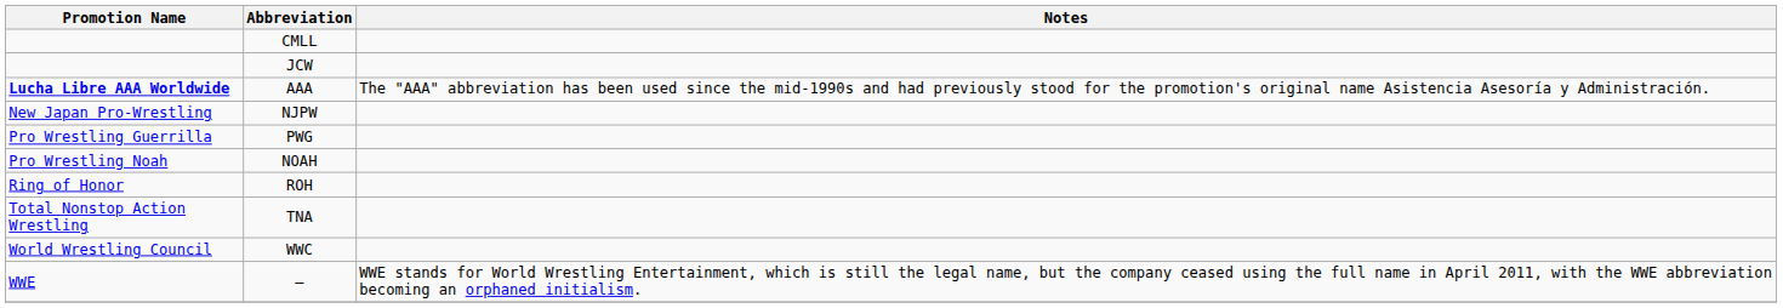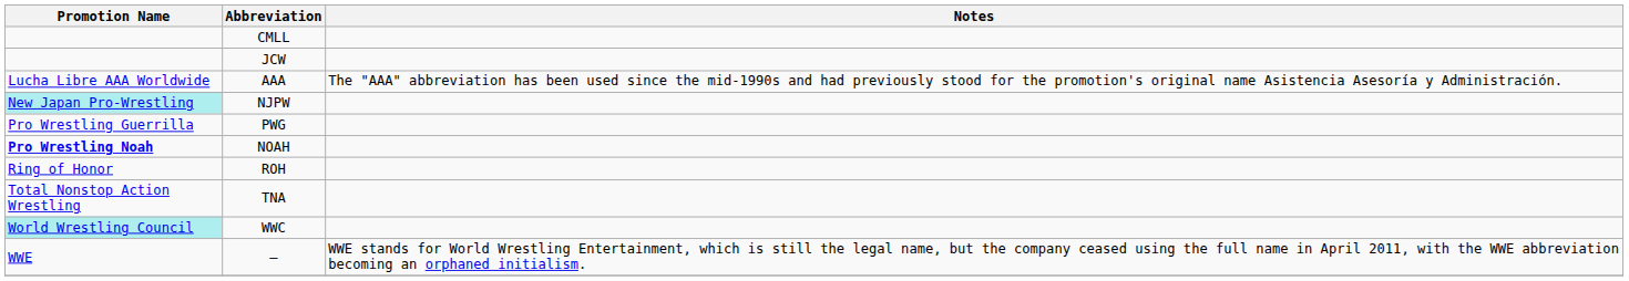 <table class="wikitable">
 <tr>
 <th>Promotion Name</th>
 <th>Abbreviation</th>
 <th>Notes</th>
 </tr>
 <tr>
 <td></td>
 <td align=center>CMLL</td>
 <td></td>
 </tr>
 <tr>
 <td></td>
 <td align=center>JCW</td>
 <td></td>
 </tr>
 <tr>
-<td><strong><a href='#'>Lucha Libre AAA Worldwide</a></strong></td>
+<td><a href='#'>Lucha Libre AAA Worldwide</a></td>
 <td align=center>AAA</td>
 <td>The "AAA" abbreviation has been used since the mid-1990s and had previously stood for the promotion's original name Asistencia Asesoría y Administración.</td>
 </tr>
 <tr>
-<td><a href='#'>New Japan Pro-Wrestling</a></td>
+<td style="background: paleturquoise;"><a href='#'>New Japan Pro-Wrestling</a></td>
 <td align=center>NJPW</td>
 <td></td>
 </tr>
 <tr>
 <td><a href='#'>Pro Wrestling Guerrilla</a></td>
 <td align=center>PWG</td>
 <td></td>
 </tr>
 <tr>
-<td><a href='#'>Pro Wrestling Noah</a></td>
+<td><strong><a href='#'>Pro Wrestling Noah</a></strong></td>
 <td align=center>NOAH</td>
 <td></td>
 </tr>
 <tr>
 <td><a href='#'>Ring of Honor</a></td>
 <td align=center>ROH</td>
 <td></td>
 </tr>
 <tr>
 <td><a href='#'>Total Nonstop Action Wrestling</a></td>
 <td align=center>TNA</td>
 <td></td>
 </tr>
 <tr>
-<td><a href='#'>World Wrestling Council</a></td>
+<td style="background: paleturquoise;"><a href='#'>World Wrestling Council</a></td>
 <td align=center>WWC</td>
 <td></td>
 </tr>
 <tr>
 <td><a href='#'>WWE</a></td>
 <td align=center>—</td>
 <td>WWE stands for World Wrestling Entertainment, which is still the legal name, but the company ceased using the full name in April 2011, with the WWE abbreviation becoming an <a href='#'>orphaned initialism</a>.<br></td>
 </tr>
 <tr>
 </tr>
 </table>
